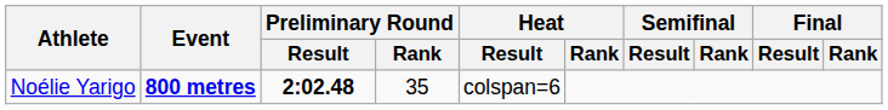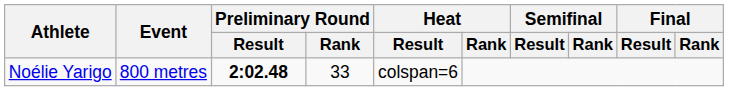 <table class="wikitable" style="font-size:90%">
 <tr>
 <th rowspan="2">Athlete</th>
 <th rowspan="2">Event</th>
 <th colspan="2">Preliminary Round</th>
 <th colspan="2">Heat</th>
 <th colspan="2">Semifinal</th>
 <th colspan="2">Final</th>
 </tr>
 <tr style="font-size:95%">
 <th>Result</th>
 <th>Rank</th>
 <th>Result</th>
 <th>Rank</th>
 <th>Result</th>
 <th>Rank</th>
 <th>Result</th>
 <th>Rank</th>
 </tr>
 <tr style=text-align:center>
 <td style=text-align:left><a href='#'>Noélie Yarigo</a></td>
-<td style=text-align:left><strong><a href='#'>800 metres</a></strong></td>
+<td style=text-align:left><a href='#'>800 metres</a></td>
 <td><strong>2:02.48</strong></td>
-<td>35</td>
+<td>33</td>
 <td>colspan=6 </td>
 </tr>
 </table>
